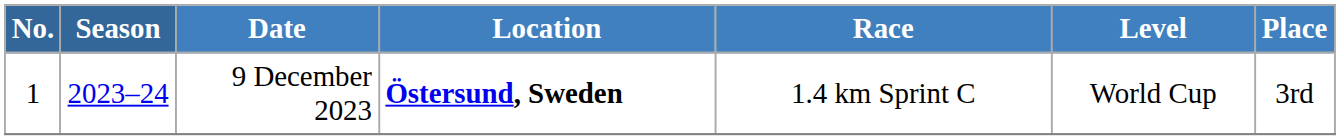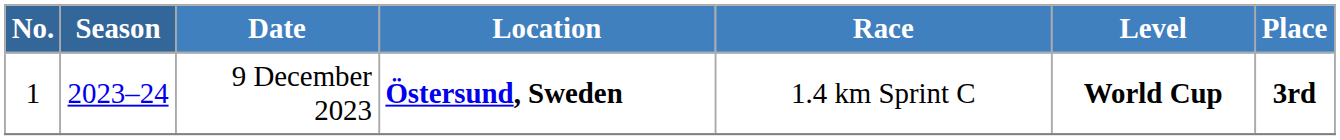 <table class="wikitable sortable" style="font-size:95%; text-align:center; border:grey solid 1px; border-collapse:collapse; background:#ffffff;">
 <tr style="background:#efefef;">
 <th style="background-color:#369; color:white;">No.</th>
 <th style="background-color:#369; color:white;">Season</th>
 <th style="background-color:#4180be; color:white; width:100px;">Date</th>
 <th style="background-color:#4180be; color:white; width:170px;">Location</th>
 <th style="background-color:#4180be; color:white; width:170px;">Race</th>
 <th style="background-color:#4180be; color:white; width:100px;">Level</th>
 <th style="background-color:#4180be; color:white;">Place</th>
 </tr>
 <tr>
 <td align=center>1</td>
 <td align=center><a href='#'>2023–24</a></td>
 <td align=right>9 December 2023</td>
 <td align=left><strong> <a href='#'>Östersund</a>, Sweden</strong></td>
 <td>1.4 km Sprint C</td>
-<td>World Cup</td>
-<td>3rd</td>
+<td><strong>World Cup</strong></td>
+<td><strong>3rd</strong></td>
 </tr>
 <tr>
 </tr>
 </table>
